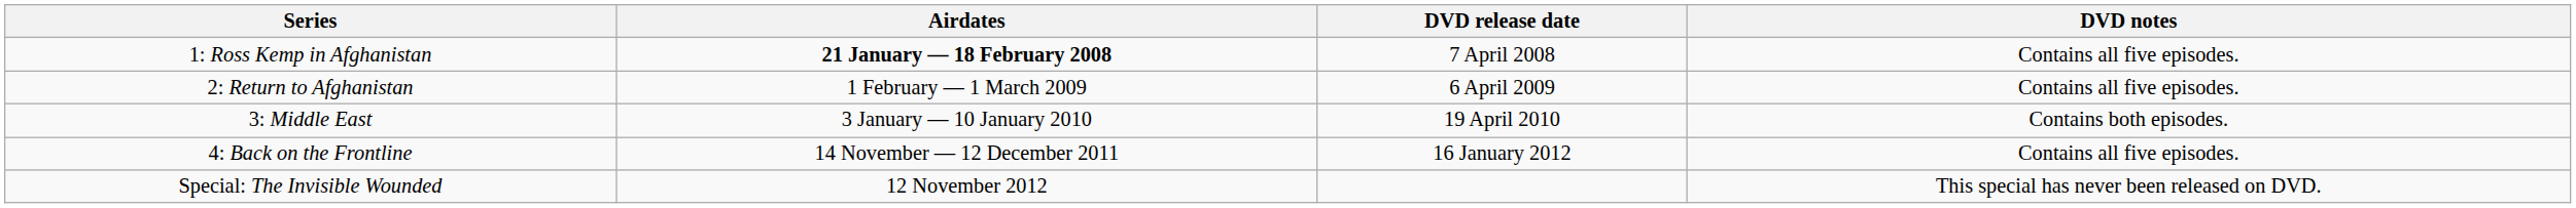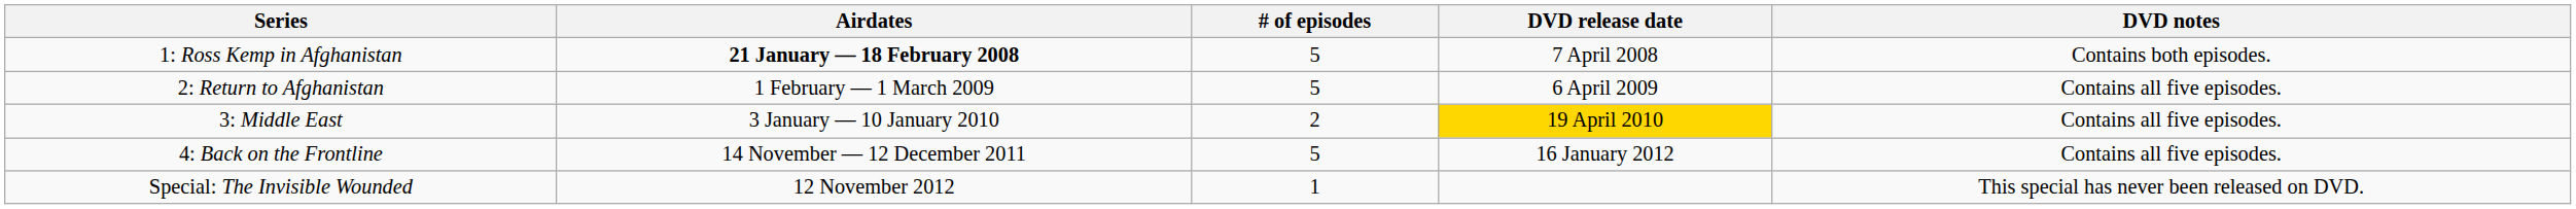 <table class="wikitable"  style="width:99%; left:0 auto; text-align:center;">
 <tr>
 <th>Series</th>
 <th>Airdates</th>
+<th># of episodes</th>
 <th>DVD release date</th>
 <th>DVD notes</th>
 </tr>
 <tr>
 <td>1: <em>Ross Kemp in Afghanistan</em></td>
 <td><strong>21 January — 18 February 2008</strong></td>
+<td>5</td>
 <td>7 April 2008</td>
-<td>Contains all five episodes.</td>
+<td>Contains both episodes.</td>
 </tr>
 <tr>
 <td>2: <em>Return to Afghanistan</em></td>
 <td>1 February — 1 March 2009</td>
+<td>5</td>
 <td>6 April 2009</td>
 <td>Contains all five episodes.</td>
 </tr>
 <tr>
 <td>3: <em>Middle East</em></td>
 <td>3 January — 10 January 2010</td>
-<td>19 April 2010</td>
-<td>Contains both episodes.</td>
+<td>2</td>
+<td style="background: gold;">19 April 2010</td>
+<td>Contains all five episodes.</td>
 </tr>
 <tr>
 <td>4: <em>Back on the Frontline</em></td>
 <td>14 November — 12 December 2011</td>
+<td>5</td>
 <td>16 January 2012</td>
 <td>Contains all five episodes.</td>
 </tr>
 <tr>
 <td>Special: <em>The Invisible Wounded</em></td>
 <td>12 November 2012</td>
+<td>1</td>
 <td></td>
 <td>This special has never been released on DVD.</td>
 </tr>
 </table>
